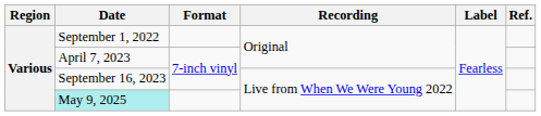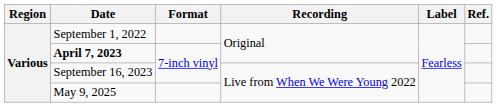 <table class="wikitable plainrowheaders">
 <tr>
 <th scope="col">Region</th>
 <th scope="col">Date</th>
 <th scope="col">Format</th>
 <th>Recording</th>
 <th scope="col">Label</th>
 <th scope="col">Ref.</th>
 </tr>
 <tr>
 <th rowspan="4" scope="row">Various</th>
 <td>September 1, 2022</td>
 <td></td>
 <td rowspan="2">Original</td>
 <td rowspan="4"><a href='#'>Fearless</a></td>
 <td></td>
 </tr>
 <tr>
-<td>April 7, 2023</td>
+<td><strong>April 7, 2023</strong></td>
 <td rowspan="2"><a href='#'>7-inch vinyl</a></td>
 <td></td>
 </tr>
 <tr>
 <td>September 16, 2023</td>
 <td rowspan="2">Live from <a href='#'>When We Were Young</a> 2022</td>
 <td></td>
 </tr>
 <tr>
-<td style="background: paleturquoise;">May 9, 2025</td>
+<td>May 9, 2025</td>
 <td></td>
 <td></td>
 </tr>
 </table>
